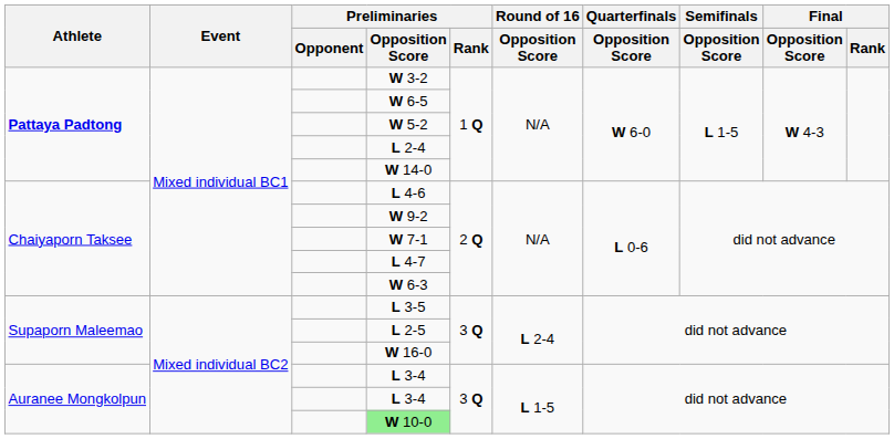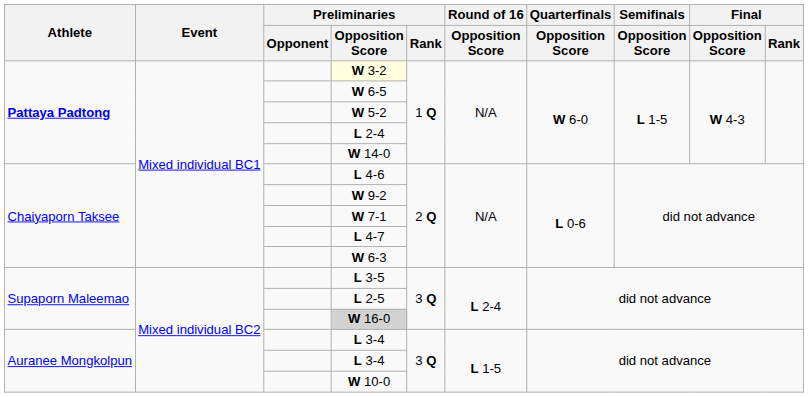 <table class=wikitable style="font-size:90%">
 <tr>
 <th rowspan="2">Athlete</th>
 <th rowspan="2">Event</th>
 <th colspan="3">Preliminaries</th>
 <th>Round of 16</th>
 <th>Quarterfinals</th>
 <th>Semifinals</th>
 <th colspan="2">Final</th>
 </tr>
 <tr>
 <th>Opponent</th>
 <th>Opposition<br>Score</th>
 <th>Rank</th>
 <th>Opposition<br>Score</th>
 <th>Opposition<br>Score</th>
 <th>Opposition<br>Score</th>
 <th>Opposition<br>Score</th>
 <th>Rank</th>
 </tr>
 <tr>
 <td rowspan="5"><strong><a href='#'>Pattaya Padtong</a></strong></td>
 <td rowspan="10"><a href='#'>Mixed individual BC1</a></td>
 <td align="left"></td>
-<td align="center"><strong>W</strong> 3-2</td>
+<td align="center" style="background: lightyellow;"><strong>W</strong> 3-2</td>
 <td align="center" rowspan="5">1 <strong>Q</strong></td>
 <td align="center" rowspan="5">N/A</td>
 <td align="center" rowspan="5"><br><strong>W</strong> 6-0</td>
 <td align="center" rowspan="5"><br><strong>L</strong> 1-5</td>
 <td align="center" rowspan="5"><br><strong>W</strong> 4-3</td>
 <td align="center" rowspan="5"></td>
 </tr>
 <tr>
 <td align="left"></td>
 <td align="center"><strong>W</strong> 6-5</td>
 </tr>
 <tr>
 <td align="left"></td>
 <td align="center"><strong>W</strong> 5-2</td>
 </tr>
 <tr>
 <td align="left"></td>
 <td align="center"><strong>L</strong> 2-4</td>
 </tr>
 <tr>
 <td align="left"></td>
 <td align="center"><strong>W</strong> 14-0</td>
 </tr>
 <tr>
 <td rowspan="5"><a href='#'>Chaiyaporn Taksee</a></td>
 <td align="left"></td>
 <td align="center"><strong>L</strong> 4-6</td>
 <td align="center" rowspan="5">2 <strong>Q</strong></td>
 <td align="center" rowspan="5">N/A</td>
 <td align="center" rowspan="5"><br><strong>L</strong> 0-6</td>
 <td align="center" rowspan="5" colspan="4">did not advance</td>
 </tr>
 <tr>
 <td align="left"></td>
 <td align="center"><strong>W</strong> 9-2</td>
 </tr>
 <tr>
 <td align="left"></td>
 <td align="center"><strong>W</strong> 7-1</td>
 </tr>
 <tr>
 <td align="left"></td>
 <td align="center"><strong>L</strong> 4-7</td>
 </tr>
 <tr>
 <td align="left"></td>
 <td align="center"><strong>W</strong> 6-3</td>
 </tr>
 <tr>
 <td rowspan="3"><a href='#'>Supaporn Maleemao</a></td>
 <td rowspan="6"><a href='#'>Mixed individual BC2</a></td>
 <td align="left"></td>
 <td align="center"><strong>L</strong> 3-5</td>
 <td align="center" rowspan="3">3 <strong>Q</strong></td>
 <td align="center" rowspan="3"><br><strong>L</strong> 2-4</td>
 <td align="center" rowspan="3" colspan="4">did not advance</td>
 </tr>
 <tr>
 <td align="left"></td>
 <td align="center"><strong>L</strong> 2-5</td>
 </tr>
 <tr>
 <td align="left"></td>
-<td align="center"><strong>W</strong> 16-0</td>
+<td align="center" style="background: lightgrey;"><strong>W</strong> 16-0</td>
 </tr>
 <tr>
 <td rowspan="3"><a href='#'>Auranee Mongkolpun</a></td>
 <td align="left"></td>
 <td align="center"><strong>L</strong> 3-4</td>
 <td align="center" rowspan="3">3 <strong>Q</strong></td>
 <td align="center" rowspan="3"><br><strong>L</strong> 1-5</td>
 <td align="center" rowspan="3" colspan="4">did not advance</td>
 </tr>
 <tr>
 <td align="left"></td>
 <td align="center"><strong>L</strong> 3-4</td>
 </tr>
 <tr>
 <td align="left"></td>
-<td align="center" style="background: lightgreen;"><strong>W</strong> 10-0</td>
+<td align="center"><strong>W</strong> 10-0</td>
 </tr>
 </table>
